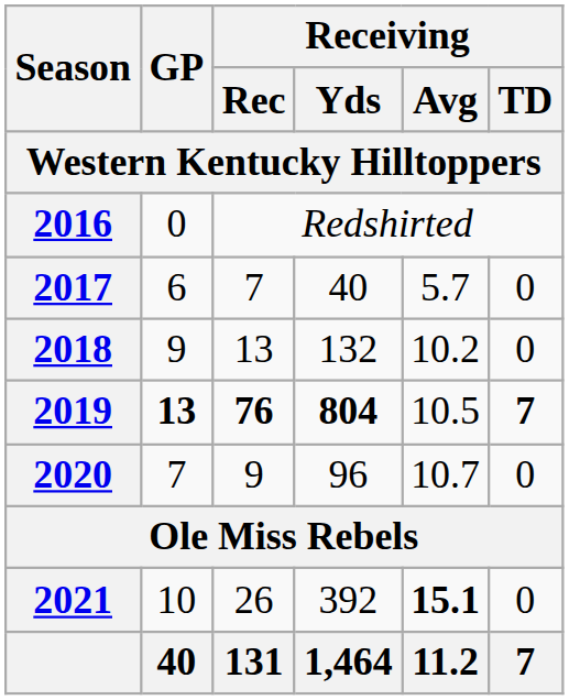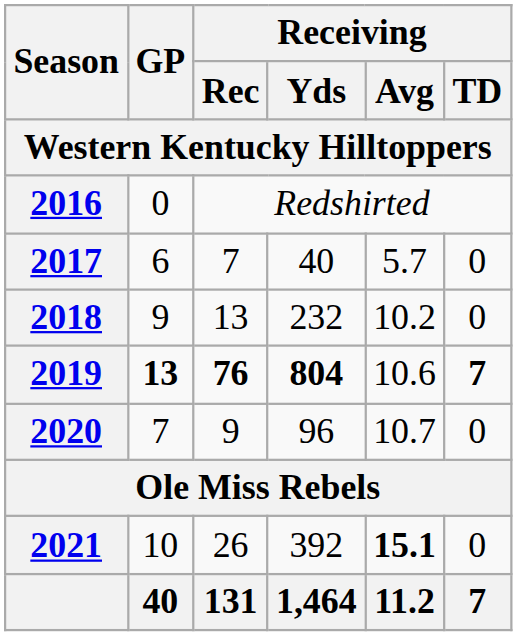 <table class="wikitable" style="text-align:center">
 <tr>
 <th rowspan="2">Season</th>
 <th rowspan="2">GP</th>
 <th colspan="4">Receiving</th>
 </tr>
 <tr>
 <th>Rec</th>
 <th>Yds</th>
 <th>Avg</th>
 <th>TD</th>
 </tr>
 <tr>
 <th colspan="6">Western Kentucky Hilltoppers</th>
 </tr>
 <tr>
 <th><a href='#'>2016</a></th>
 <td>0</td>
 <td colspan="4"> <em>Redshirted</em></td>
 </tr>
 <tr>
 <th><a href='#'>2017</a></th>
 <td>6</td>
 <td>7</td>
 <td>40</td>
 <td>5.7</td>
 <td>0</td>
 </tr>
 <tr>
 <th><a href='#'>2018</a></th>
 <td>9</td>
 <td>13</td>
-<td>132</td>
+<td>232</td>
 <td>10.2</td>
 <td>0</td>
 </tr>
 <tr>
 <th><a href='#'>2019</a></th>
 <td><strong>13</strong></td>
 <td><strong>76</strong></td>
 <td><strong>804</strong></td>
-<td>10.5</td>
+<td>10.6</td>
 <td><strong>7</strong></td>
 </tr>
 <tr>
 <th><a href='#'>2020</a></th>
 <td>7</td>
 <td>9</td>
 <td>96</td>
 <td>10.7</td>
 <td>0</td>
 </tr>
 <tr>
 <th colspan="6">Ole Miss Rebels</th>
 </tr>
 <tr>
 <th><a href='#'>2021</a></th>
 <td>10</td>
 <td>26</td>
 <td>392</td>
 <td><strong>15.1</strong></td>
 <td>0</td>
 </tr>
 <tr>
 <th></th>
 <th>40</th>
 <th>131</th>
 <th>1,464</th>
 <th>11.2</th>
 <th>7</th>
 </tr>
 </table>
